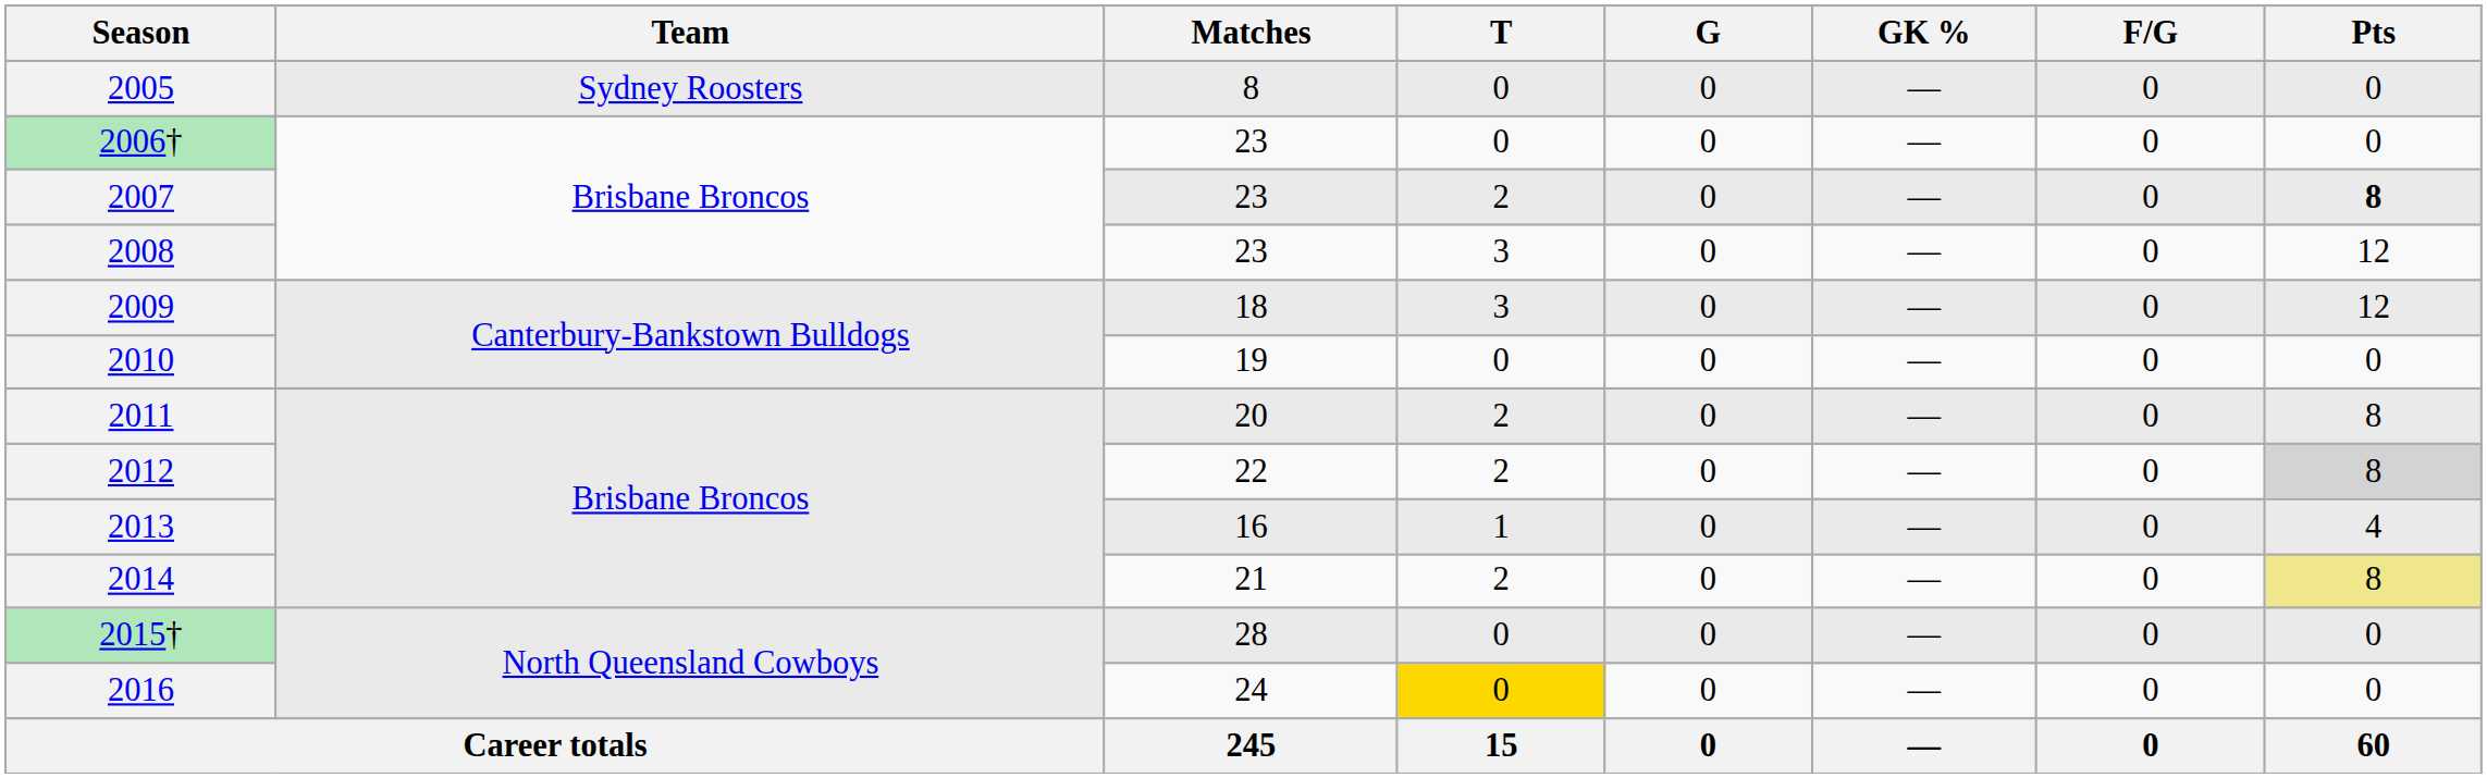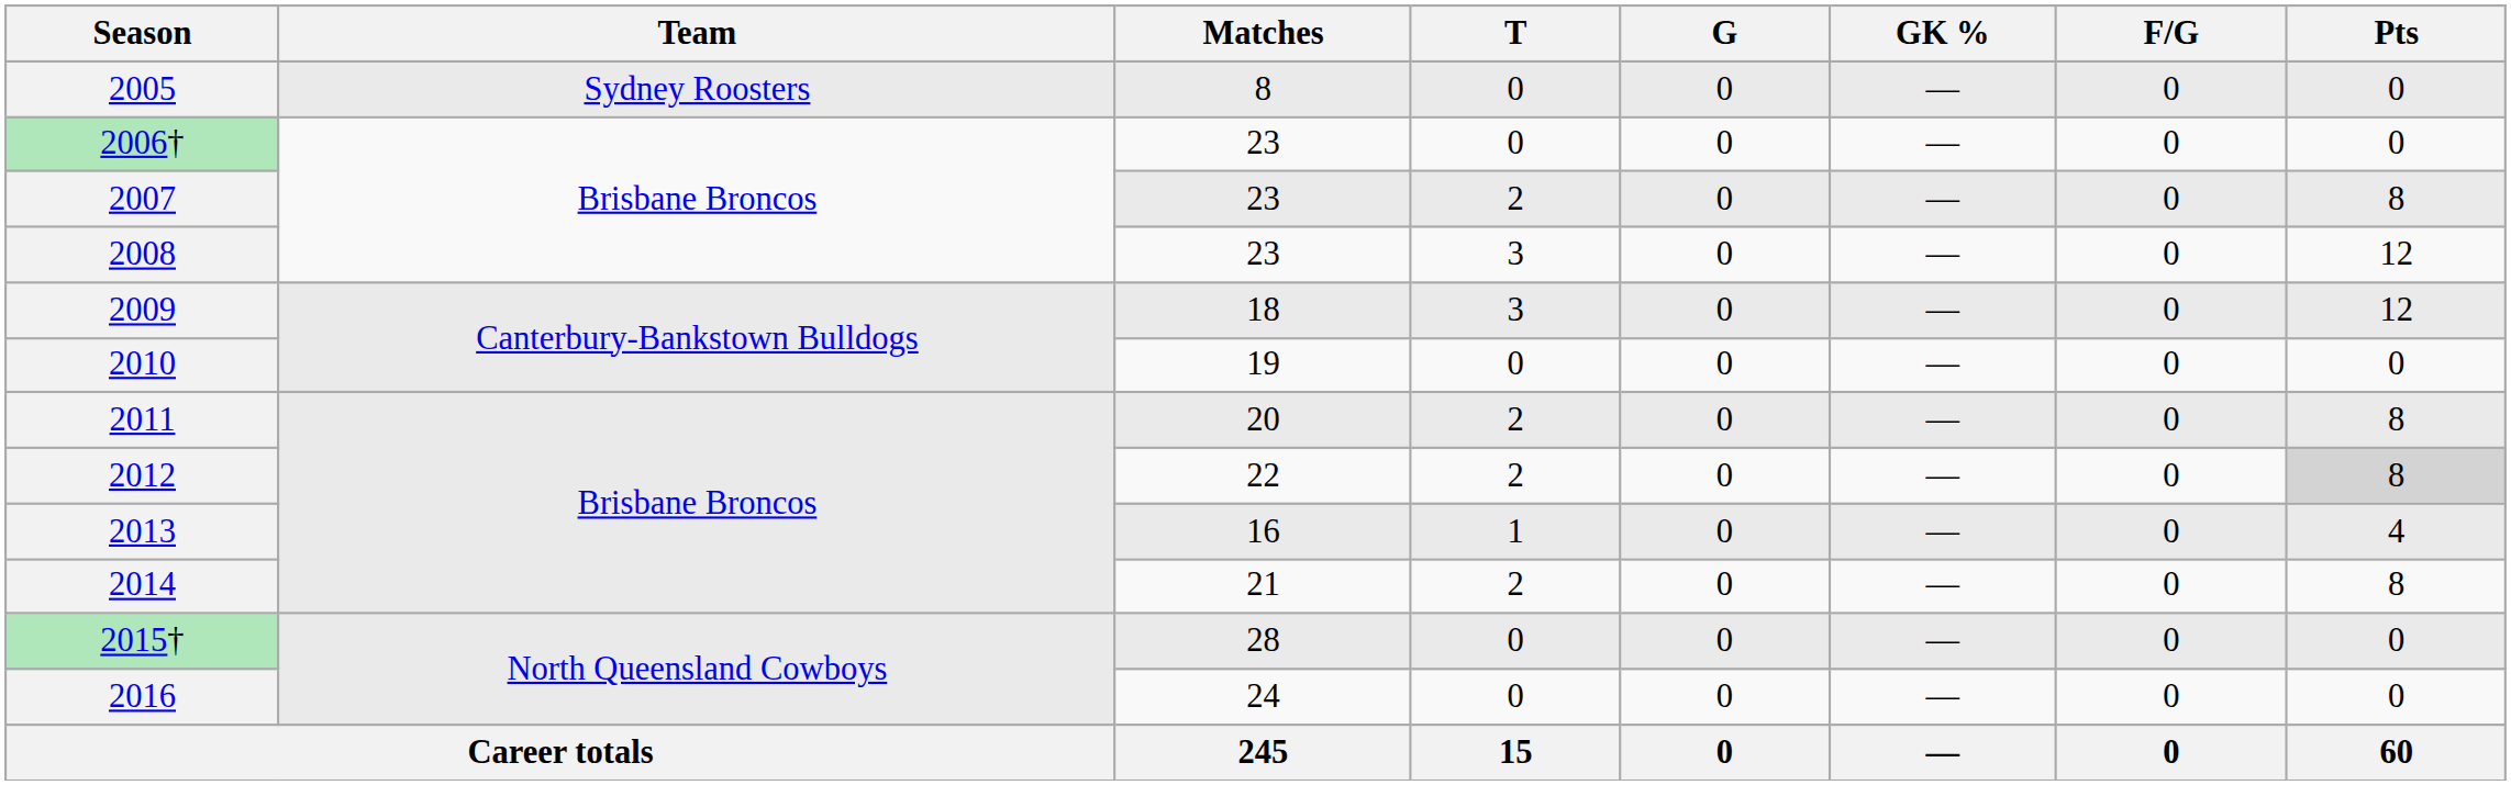 <table class="wikitable sortable"  style="font-size:90%; text-align:center; width:85%;">
 <tr>
 <th width=2%>Season</th>
 <th width=8%>Team</th>
 <th width=2%>Matches</th>
 <th width=2%>T</th>
 <th width=2%>G</th>
 <th width=2%>GK %</th>
 <th width=2%>F/G</th>
 <th width=2%>Pts</th>
 </tr>
 <tr style="background-color: #EAEAEA">
 <th scope="row" style="text-align:center; font-weight:normal"><a href='#'>2005</a></th>
 <td style="text-align:center;"> <a href='#'>Sydney Roosters</a></td>
 <td>8</td>
 <td>0</td>
 <td>0</td>
 <td>—</td>
 <td>0</td>
 <td>0</td>
 </tr>
 <tr>
 <th scope="row" style="text-align:center; font-weight:normal; background:#afe6ba;"><a href='#'>2006</a>†</th>
 <td rowspan="3" style="text-align:center;"> <a href='#'>Brisbane Broncos</a></td>
 <td>23</td>
 <td>0</td>
 <td>0</td>
 <td>—</td>
 <td>0</td>
 <td>0</td>
 </tr>
 <tr style="background-color: #EAEAEA">
 <th scope="row" style="text-align:center; font-weight:normal"><a href='#'>2007</a></th>
 <td>23</td>
 <td>2</td>
 <td>0</td>
 <td>—</td>
 <td>0</td>
-<td><strong>8</strong></td>
+<td>8</td>
 </tr>
 <tr>
 <th scope="row" style="text-align:center; font-weight:normal"><a href='#'>2008</a></th>
 <td>23</td>
 <td>3</td>
 <td>0</td>
 <td>—</td>
 <td>0</td>
 <td>12</td>
 </tr>
 <tr style="background-color: #EAEAEA">
 <th scope="row" style="text-align:center; font-weight:normal"><a href='#'>2009</a></th>
 <td rowspan="2" style="text-align:center;"> <a href='#'>Canterbury-Bankstown Bulldogs</a></td>
 <td>18</td>
 <td>3</td>
 <td>0</td>
 <td>—</td>
 <td>0</td>
 <td>12</td>
 </tr>
 <tr>
 <th scope="row" style="text-align:center; font-weight:normal"><a href='#'>2010</a></th>
 <td>19</td>
 <td>0</td>
 <td>0</td>
 <td>—</td>
 <td>0</td>
 <td>0</td>
 </tr>
 <tr style="background-color: #EAEAEA">
 <th scope="row" style="text-align:center; font-weight:normal"><a href='#'>2011</a></th>
 <td rowspan="4" style="text-align:center;"> <a href='#'>Brisbane Broncos</a></td>
 <td>20</td>
 <td>2</td>
 <td>0</td>
 <td>—</td>
 <td>0</td>
 <td>8</td>
 </tr>
 <tr>
 <th scope="row" style="text-align:center; font-weight:normal"><a href='#'>2012</a></th>
 <td>22</td>
 <td>2</td>
 <td>0</td>
 <td>—</td>
 <td>0</td>
 <td style="background: lightgrey;">8</td>
 </tr>
 <tr style="background-color: #EAEAEA">
 <th scope="row" style="text-align:center; font-weight:normal"><a href='#'>2013</a></th>
 <td>16</td>
 <td>1</td>
 <td>0</td>
 <td>—</td>
 <td>0</td>
 <td>4</td>
 </tr>
 <tr>
 <th scope="row" style="text-align:center; font-weight:normal"><a href='#'>2014</a></th>
 <td>21</td>
 <td>2</td>
 <td>0</td>
 <td>—</td>
 <td>0</td>
-<td style="background: khaki;">8</td>
+<td>8</td>
 </tr>
 <tr style="background-color: #EAEAEA">
 <th scope="row" style="text-align:center; font-weight:normal; background:#afe6ba;"><a href='#'>2015</a>†</th>
 <td rowspan="2" style="text-align:center;"> <a href='#'>North Queensland Cowboys</a></td>
 <td>28</td>
 <td>0</td>
 <td>0</td>
 <td>—</td>
 <td>0</td>
 <td>0</td>
 </tr>
 <tr>
 <th scope="row" style="text-align:center; font-weight:normal"><a href='#'>2016</a></th>
 <td>24</td>
-<td style="background: gold;">0</td>
+<td>0</td>
 <td>0</td>
 <td>—</td>
 <td>0</td>
 <td>0</td>
 </tr>
 <tr>
 <th colspan=2>Career totals</th>
 <th>245</th>
 <th>15</th>
 <th>0</th>
 <th>—</th>
 <th>0</th>
 <th>60</th>
 </tr>
 </table>
